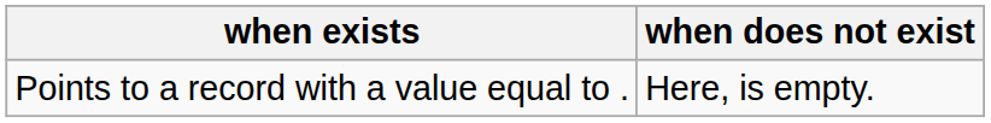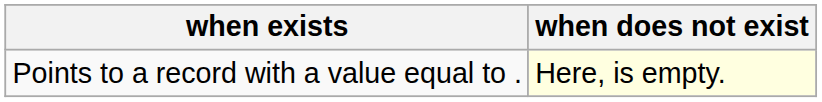 <table class="wikitable" style="margin-left: auto; margin-right: auto; border: none;">
 <tr>
 <th> when  exists</th>
 <th> when  does not exist</th>
 </tr>
 <tr>
 <td>Points to a record with a value equal to .</td>
-<td>Here,  is empty.</td>
+<td style="background: lightyellow;">Here,  is empty.</td>
 </tr>
 </table>
